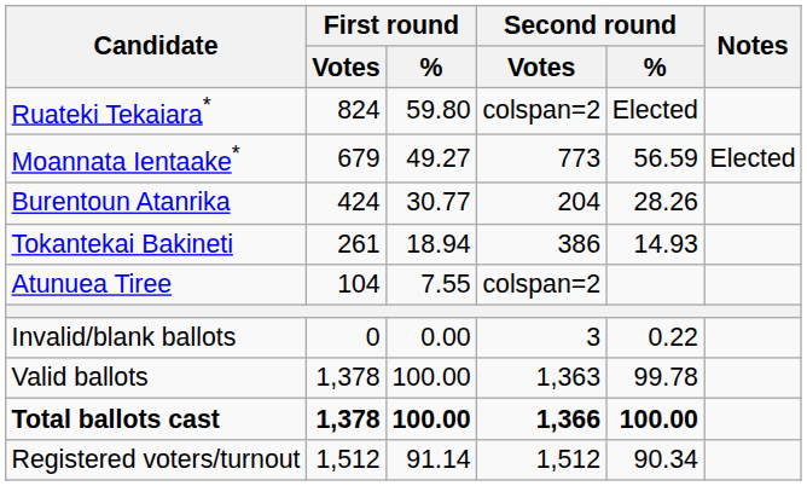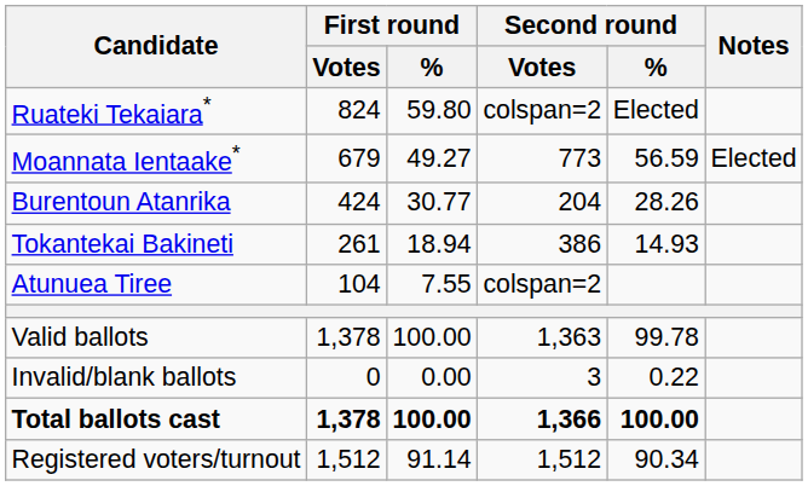 <table class=wikitable style=text-align:right>
 <tr>
 <th rowspan=2>Candidate</th>
 <th colspan=2>First round</th>
 <th colspan=2>Second round</th>
 <th rowspan=2>Notes</th>
 </tr>
 <tr>
 <th>Votes</th>
 <th>%</th>
 <th>Votes</th>
 <th>%</th>
 </tr>
 <tr>
 <td align=left><a href='#'>Ruateki Tekaiara</a><sup>*</sup></td>
 <td>824</td>
 <td>59.80</td>
 <td>colspan=2 </td>
 <td>Elected</td>
 </tr>
 <tr>
 <td align=left><a href='#'>Moannata Ientaake</a><sup>*</sup></td>
 <td>679</td>
 <td>49.27</td>
 <td>773</td>
 <td>56.59</td>
 <td>Elected</td>
 </tr>
 <tr>
 <td align=left><a href='#'>Burentoun Atanrika</a></td>
 <td>424</td>
 <td>30.77</td>
 <td>204</td>
 <td>28.26</td>
 <td></td>
 </tr>
 <tr>
 <td align=left><a href='#'>Tokantekai Bakineti</a></td>
 <td>261</td>
 <td>18.94</td>
 <td>386</td>
 <td>14.93</td>
 <td></td>
 </tr>
 <tr>
 <td align=left><a href='#'>Atunuea Tiree</a></td>
 <td>104</td>
 <td>7.55</td>
 <td>colspan=2 </td>
 <td></td>
 </tr>
 <tr>
 <th colspan=6></th>
 </tr>
 <tr>
+<td align=left>Valid ballots</td>
+<td>1,378</td>
+<td>100.00</td>
+<td>1,363</td>
+<td>99.78</td>
+<td></td>
+</tr>
+<tr>
 <td align=left>Invalid/blank ballots</td>
 <td>0</td>
 <td>0.00</td>
 <td>3</td>
 <td>0.22</td>
-<td></td>
-</tr>
-<tr>
-<td align=left>Valid ballots</td>
-<td>1,378</td>
-<td>100.00</td>
-<td>1,363</td>
-<td>99.78</td>
 <td></td>
 </tr>
 <tr style="font-weight:bold">
 <td align=left>Total ballots cast</td>
 <td>1,378</td>
 <td>100.00</td>
 <td>1,366</td>
 <td>100.00</td>
 <td></td>
 </tr>
 <tr>
 <td align=left>Registered voters/turnout</td>
 <td>1,512</td>
 <td>91.14</td>
 <td>1,512</td>
 <td>90.34</td>
 <td></td>
 </tr>
 </table>
